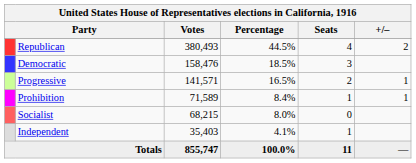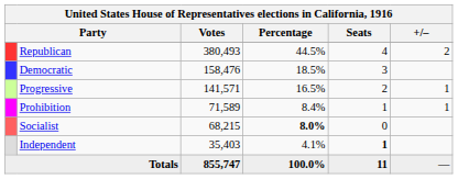 <table class="wikitable" style="font-size: 95%;">
 <tr>
 <th colspan="6">United States House of Representatives elections in California, 1916</th>
 </tr>
 <tr>
 <th colspan=2 style="width: 15em">Party</th>
 <th style="width: 5em">Votes</th>
 <th style="width: 7em">Percentage</th>
 <th style="width: 5em">Seats</th>
 <th style="width: 5em">+/–</th>
 </tr>
 <tr>
 </tr>
 <tr>
 <th style="background-color:#FF3333; width: 3px"></th>
 <td style="width: 130px"><a href='#'>Republican</a></td>
 <td style="text-align:right;">380,493</td>
 <td style="text-align:right;">44.5%</td>
 <td style="text-align:right;">4</td>
 <td style="text-align:right;"> 2</td>
 </tr>
 <tr>
 <th style="background-color:#3333FF; width: 3px"></th>
 <td style="width: 130px"><a href='#'>Democratic</a></td>
 <td style="text-align:right;">158,476</td>
 <td style="text-align:right;">18.5%</td>
 <td style="text-align:right;">3</td>
 <td style="text-align:right;"></td>
 </tr>
 <tr>
 <th style="background-color:#CCFF99; width: 3px"></th>
 <td style="width: 130px"><a href='#'>Progressive</a></td>
 <td style="text-align:right;">141,571</td>
 <td style="text-align:right;">16.5%</td>
 <td style="text-align:right;">2</td>
 <td style="text-align:right;"> 1</td>
 </tr>
 <tr>
 <th style="background-color:#FF00FF; width: 3px"></th>
 <td style="width: 130px"><a href='#'>Prohibition</a></td>
 <td style="text-align:right;">71,589</td>
 <td style="text-align:right;">8.4%</td>
 <td style="text-align:right;">1</td>
 <td style="text-align:right;"> 1</td>
 </tr>
 <tr>
 <th style="background-color:#FF6060; width: 3px"></th>
 <td style="width: 130px"><a href='#'>Socialist</a></td>
 <td style="text-align:right;">68,215</td>
-<td style="text-align:right;">8.0%</td>
+<td style="text-align:right;"><strong>8.0%</strong></td>
 <td style="text-align:right;">0</td>
 <td style="text-align:right;"></td>
 </tr>
 <tr>
 <th style="background-color:#DDDDDD; width: 3px"></th>
 <td style="width: 130px"><a href='#'>Independent</a></td>
 <td style="text-align:right;">35,403</td>
 <td style="text-align:right;">4.1%</td>
-<td style="text-align:right;">1</td>
+<td style="text-align:right;"><strong>1</strong></td>
 <td style="text-align:right;"></td>
 </tr>
 <tr style="background-color:#EEEEEE;">
 <td colspan="2" align="right"><strong>Totals</strong></td>
 <td style="text-align:right;"><strong>855,747</strong></td>
 <td style="text-align:right;"><strong>100.0%</strong></td>
 <td style="text-align:right;"><strong>11</strong></td>
 <td style="text-align:right;"><strong>—</strong></td>
 </tr>
 </table>
